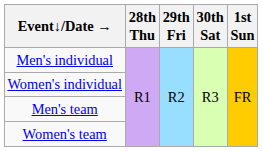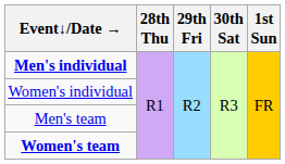 <table class="wikitable" style="margin:0.5em auto; font-size:90%; line-height:1.25em; text-align:center;">
 <tr>
 <th>Event↓/Date →</th>
 <th>28th<br>Thu</th>
 <th>29th<br>Fri</th>
 <th>30th<br>Sat</th>
 <th>1st<br>Sun</th>
 </tr>
 <tr>
-<td><a href='#'>Men's individual</a></td>
+<td><strong><a href='#'>Men's individual</a></strong></td>
 <td rowspan="4" style="background-color:#D0A9F5;text-align:center;">R1</td>
 <td rowspan="4" style="background-color:#97DEFF;text-align:center;">R2</td>
 <td rowspan="4" style="background-color:#D9FFB2;text-align:center;">R3</td>
 <td rowspan="4" style="background-color:#ffcc00;text-align:center;">FR</td>
 </tr>
 <tr>
 <td><a href='#'>Women's individual</a></td>
 </tr>
 <tr>
 <td><a href='#'>Men's team</a></td>
 </tr>
 <tr>
-<td><a href='#'>Women's team</a></td>
+<td><strong><a href='#'>Women's team</a></strong></td>
 </tr>
 </table>
